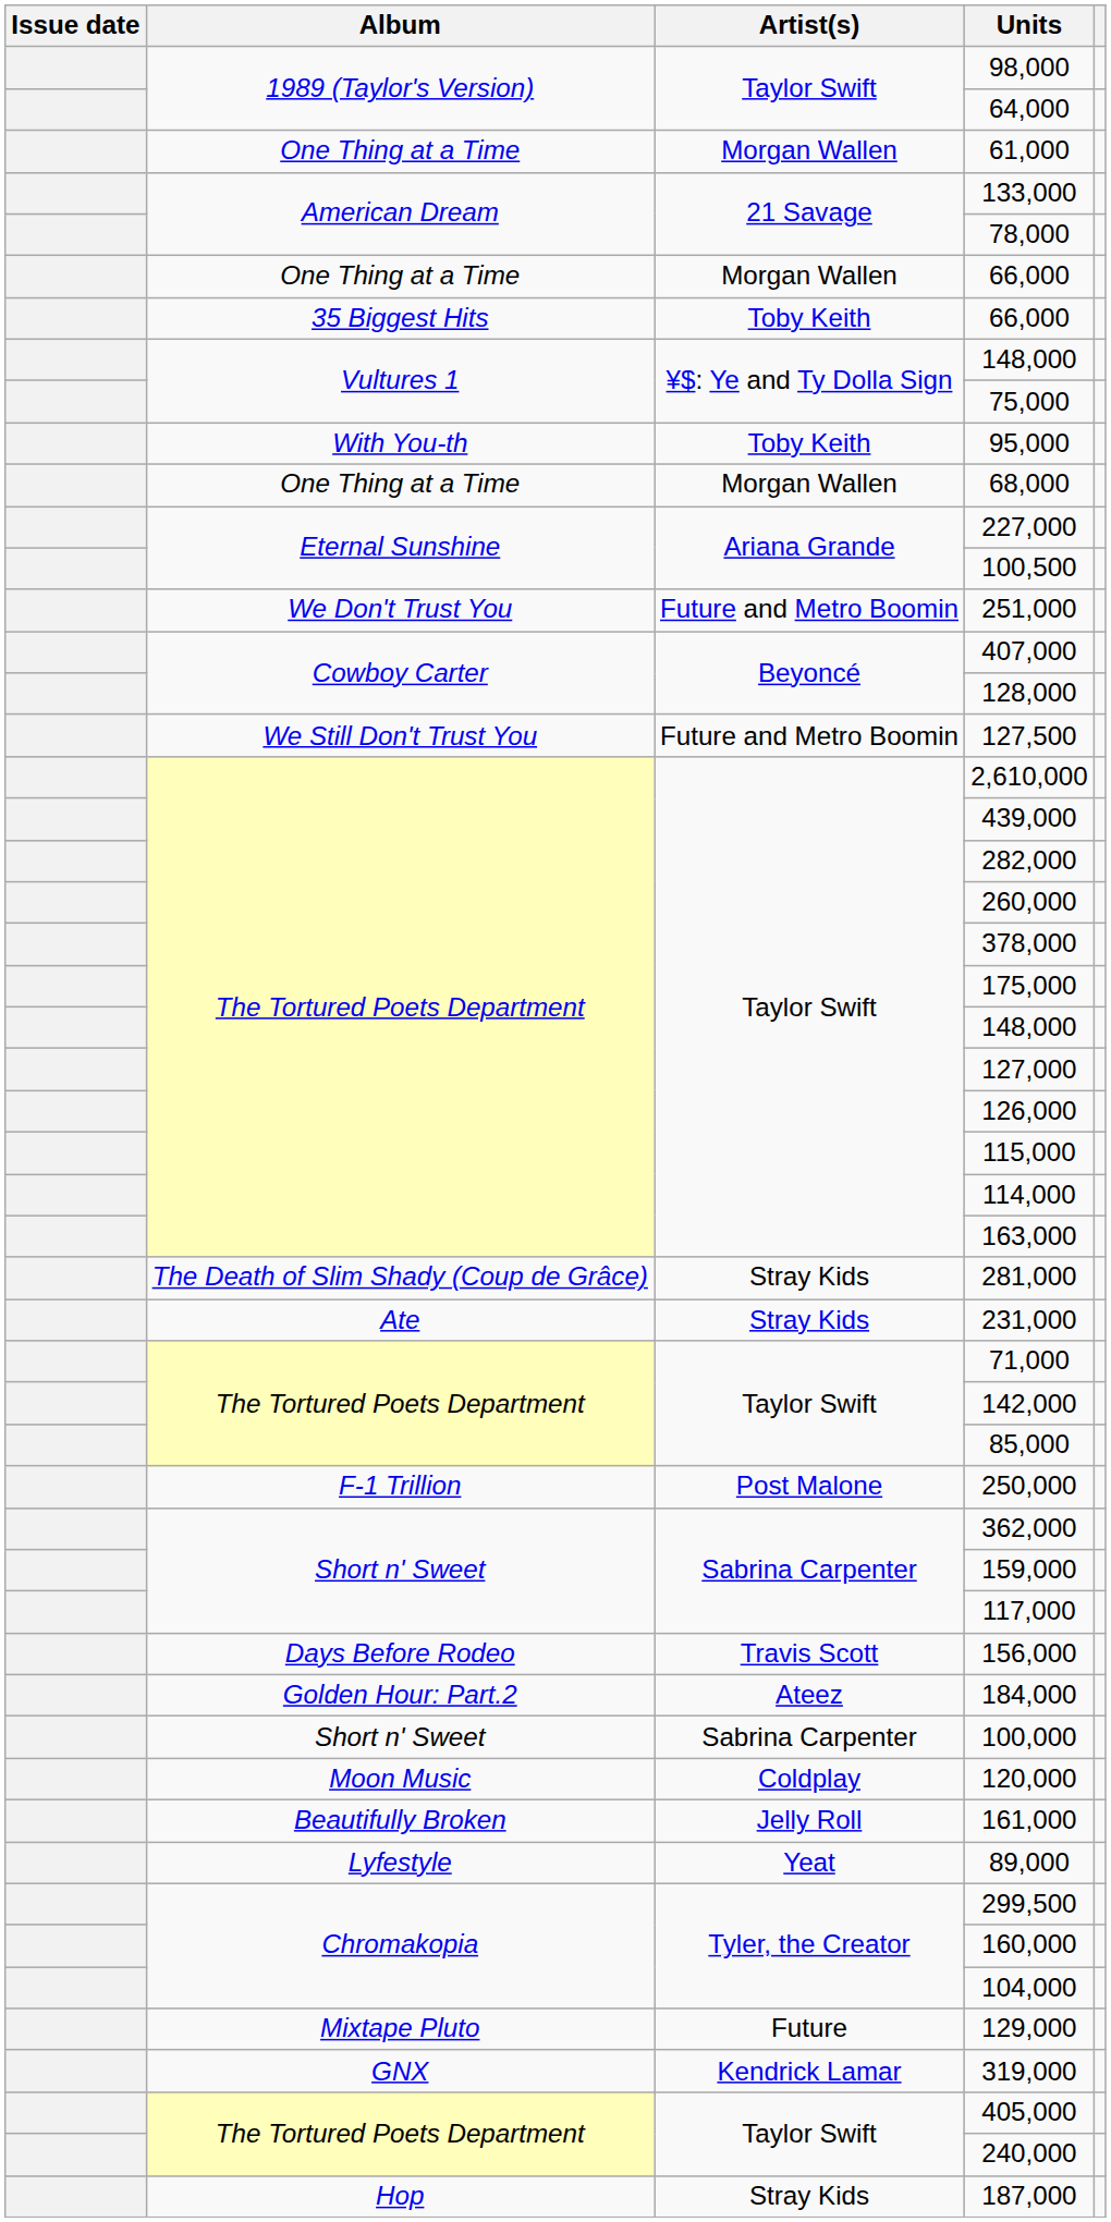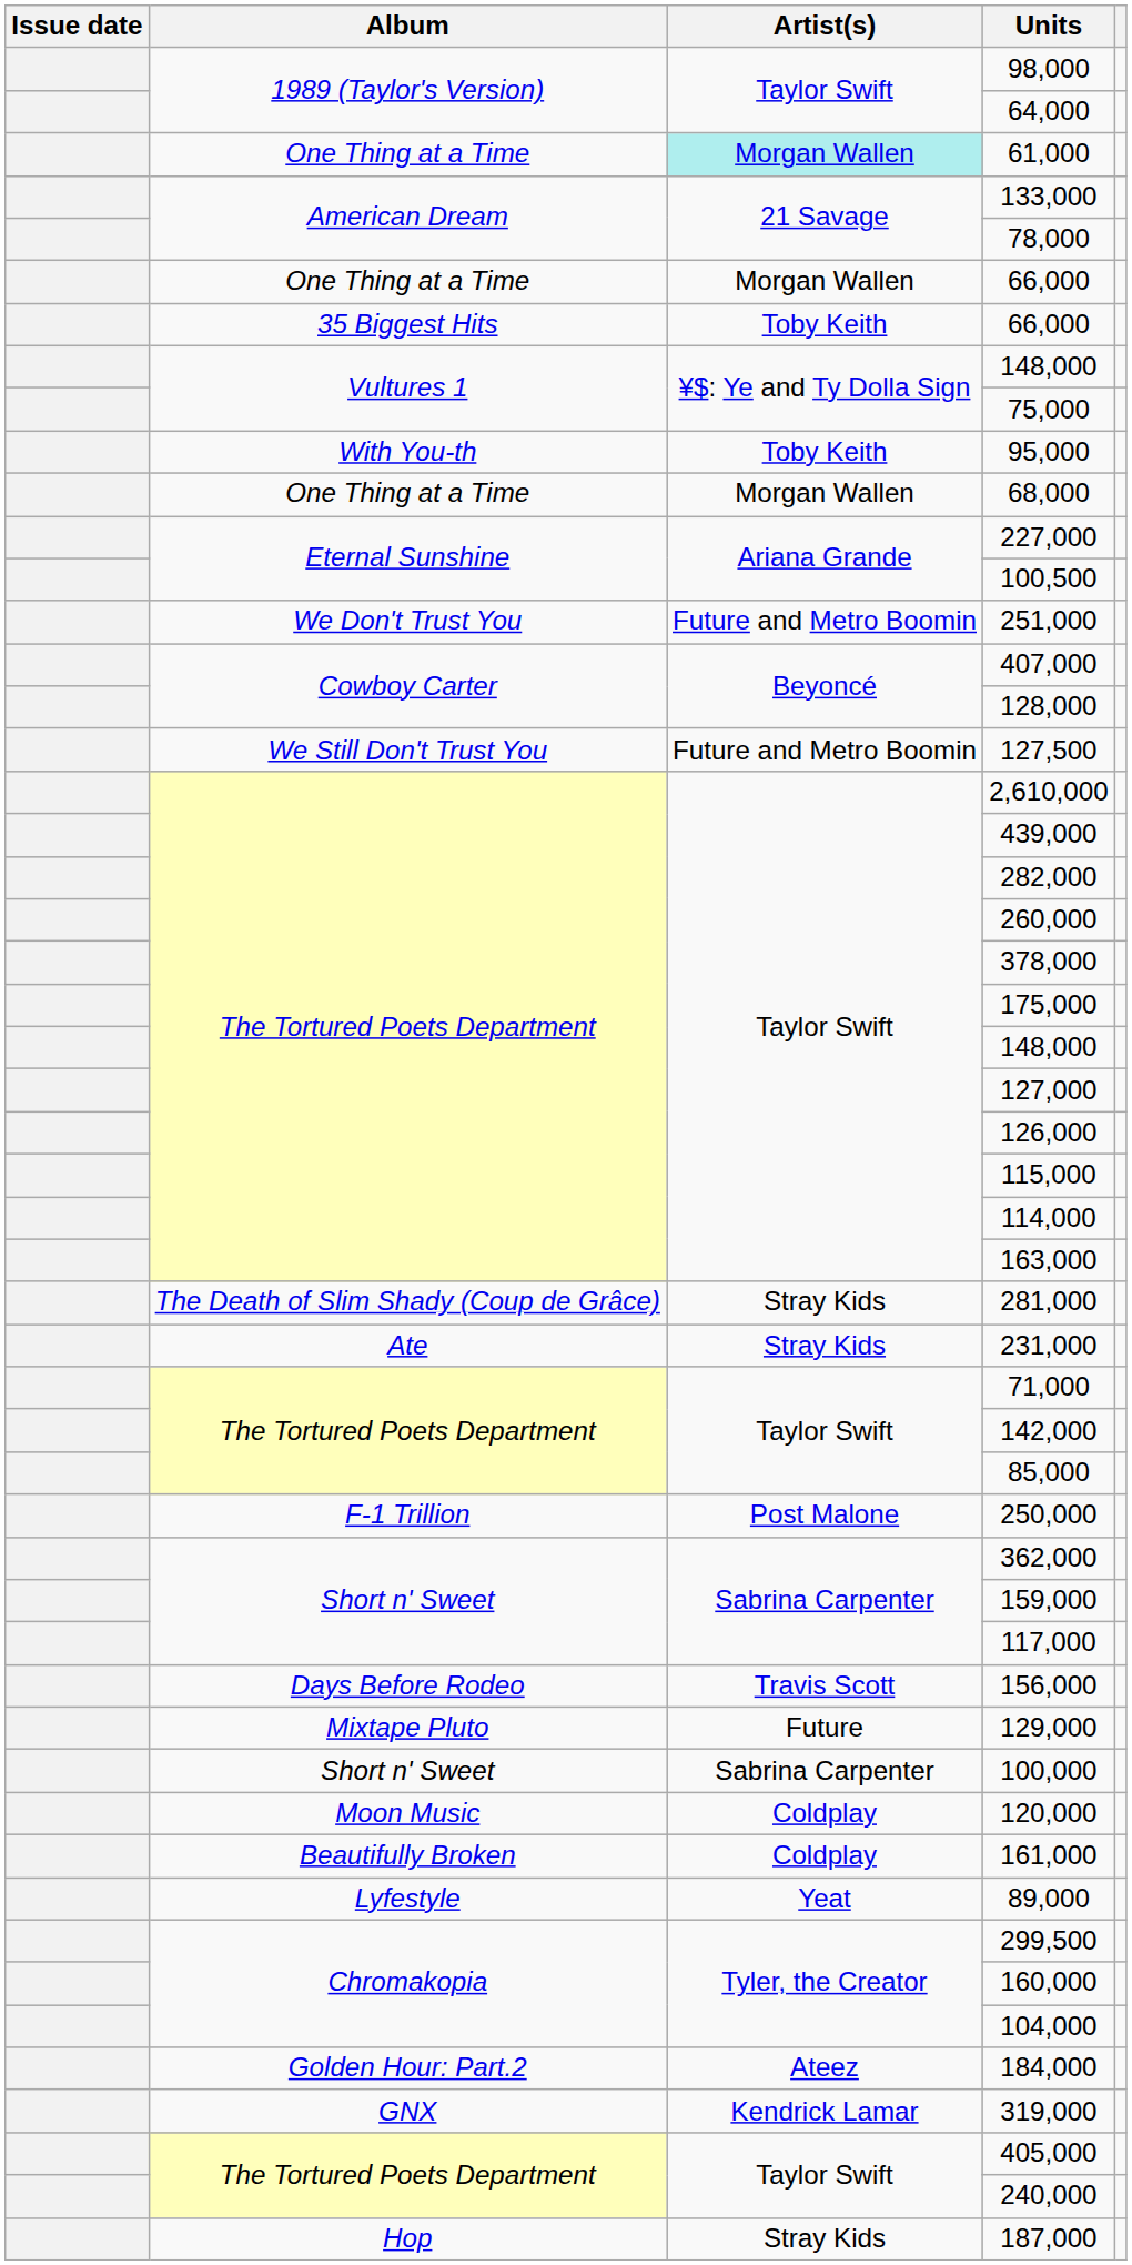 <table class="wikitable sortable plainrowheaders" style="text-align: center">
 <tr>
 <th scope="col">Issue date</th>
 <th scope="col">Album</th>
 <th scope="col">Artist(s)</th>
 <th scope="col">Units</th>
 <th scope="col" class="unsortable"></th>
 </tr>
 <tr>
 <th scope="row"></th>
 <td rowspan="2"><em><a href='#'>1989 (Taylor's Version)</a></em></td>
 <td rowspan="2"><a href='#'>Taylor Swift</a></td>
 <td>98,000</td>
 <td></td>
 </tr>
 <tr>
 <th scope="row"></th>
 <td>64,000</td>
 <td></td>
 </tr>
 <tr>
 <th scope="row"></th>
 <td><em><a href='#'>One Thing at a Time</a></em></td>
-<td><a href='#'>Morgan Wallen</a></td>
+<td style="background: paleturquoise;"><a href='#'>Morgan Wallen</a></td>
 <td>61,000</td>
 <td></td>
 </tr>
 <tr>
 <th scope="row"></th>
 <td rowspan="2"><em><a href='#'>American Dream</a></em></td>
 <td rowspan="2"><a href='#'>21 Savage</a></td>
 <td>133,000</td>
 <td></td>
 </tr>
 <tr>
 <th scope="row"></th>
 <td>78,000</td>
 <td></td>
 </tr>
 <tr>
 <th scope="row"></th>
 <td><em>One Thing at a Time</em></td>
 <td>Morgan Wallen</td>
 <td>66,000</td>
 <td></td>
 </tr>
 <tr>
 <th scope="row"></th>
 <td><em><a href='#'>35 Biggest Hits</a></em></td>
 <td><a href='#'>Toby Keith</a></td>
 <td>66,000</td>
 <td></td>
 </tr>
 <tr>
 <th scope="row"></th>
 <td rowspan="2"><em><a href='#'>Vultures 1</a></em></td>
 <td rowspan="2"><a href='#'>¥$</a>: <a href='#'>Ye</a> and <a href='#'>Ty Dolla Sign</a></td>
 <td>148,000</td>
 <td></td>
 </tr>
 <tr>
 <th scope="row"></th>
 <td>75,000</td>
 <td></td>
 </tr>
 <tr>
 <th scope="row"></th>
 <td><em><a href='#'>With You-th</a></em></td>
 <td><a href='#'>Toby Keith</a></td>
 <td>95,000</td>
 <td></td>
 </tr>
 <tr>
 <th scope="row"></th>
 <td><em>One Thing at a Time</em></td>
 <td>Morgan Wallen</td>
 <td>68,000</td>
 <td></td>
 </tr>
 <tr>
 <th scope="row"></th>
 <td rowspan="2"><em><a href='#'>Eternal Sunshine</a></em></td>
 <td rowspan="2"><a href='#'>Ariana Grande</a></td>
 <td>227,000</td>
 <td></td>
 </tr>
 <tr>
 <th scope="row"></th>
 <td>100,500</td>
 <td></td>
 </tr>
 <tr>
 <th scope="row"></th>
 <td><em><a href='#'>We Don't Trust You</a></em></td>
 <td><a href='#'>Future</a> and <a href='#'>Metro Boomin</a></td>
 <td>251,000</td>
 <td></td>
 </tr>
 <tr>
 <th scope="row"></th>
 <td rowspan="2"><em><a href='#'>Cowboy Carter</a></em></td>
 <td rowspan="2"><a href='#'>Beyoncé</a></td>
 <td>407,000</td>
 <td></td>
 </tr>
 <tr>
 <th scope="row"></th>
 <td>128,000</td>
 <td></td>
 </tr>
 <tr>
 <th scope="row"></th>
 <td><em><a href='#'>We Still Don't Trust You</a></em></td>
 <td>Future and Metro Boomin</td>
 <td>127,500</td>
 <td></td>
 </tr>
 <tr>
 <th scope="row"></th>
 <td rowspan="12" style="background-color:#FFFFBB"><em><a href='#'>The Tortured Poets Department</a></em> </td>
 <td rowspan="12">Taylor Swift</td>
 <td>2,610,000</td>
 <td></td>
 </tr>
 <tr>
 <th scope="row"></th>
 <td>439,000</td>
 <td></td>
 </tr>
 <tr>
 <th scope="row"></th>
 <td>282,000</td>
 <td></td>
 </tr>
 <tr>
 <th scope="row"></th>
 <td>260,000</td>
 <td></td>
 </tr>
 <tr>
 <th scope="row"></th>
 <td>378,000</td>
 <td></td>
 </tr>
 <tr>
 <th scope="row"></th>
 <td>175,000</td>
 <td></td>
 </tr>
 <tr>
 <th scope="row"></th>
 <td>148,000</td>
 <td></td>
 </tr>
 <tr>
 <th scope="row"></th>
 <td>127,000</td>
 <td></td>
 </tr>
 <tr>
 <th scope="row"></th>
 <td>126,000</td>
 <td></td>
 </tr>
 <tr>
 <th scope="row"></th>
 <td>115,000</td>
 <td></td>
 </tr>
 <tr>
 <th scope="row"></th>
 <td>114,000</td>
 <td></td>
 </tr>
 <tr>
 <th scope="row"></th>
 <td>163,000</td>
 <td></td>
 </tr>
 <tr>
 <th scope="row"></th>
 <td><em><a href='#'>The Death of Slim Shady (Coup de Grâce)</a></em></td>
 <td>Stray Kids</td>
 <td>281,000</td>
 <td></td>
 </tr>
 <tr>
 <th scope="row"></th>
 <td><em><a href='#'>Ate</a></em></td>
 <td><a href='#'>Stray Kids</a></td>
 <td>231,000</td>
 <td></td>
 </tr>
 <tr>
 <th scope="row"></th>
 <td rowspan="3" style="background-color:#FFFFBB"><em>The Tortured Poets Department</em> </td>
 <td rowspan="3">Taylor Swift</td>
 <td>71,000</td>
 <td></td>
 </tr>
 <tr>
 <th scope="row"></th>
 <td>142,000</td>
 <td></td>
 </tr>
 <tr>
 <th scope="row"></th>
 <td>85,000</td>
 <td></td>
 </tr>
 <tr>
 <th scope="row"></th>
 <td><em><a href='#'>F-1 Trillion</a></em></td>
 <td><a href='#'>Post Malone</a></td>
 <td>250,000</td>
 <td></td>
 </tr>
 <tr>
 <th scope="row"></th>
 <td rowspan="3"><em><a href='#'>Short n' Sweet</a></em></td>
 <td rowspan="3"><a href='#'>Sabrina Carpenter</a></td>
 <td>362,000</td>
 <td></td>
 </tr>
 <tr>
 <th scope="row"></th>
 <td>159,000</td>
 <td></td>
 </tr>
 <tr>
 <th scope="row"></th>
 <td>117,000</td>
 <td></td>
 </tr>
 <tr>
 <th scope="row"></th>
 <td><em><a href='#'>Days Before Rodeo</a></em></td>
 <td><a href='#'>Travis Scott</a></td>
 <td>156,000</td>
 <td></td>
 </tr>
 <tr>
 <th scope="row"></th>
-<td><em><a href='#'>Golden Hour: Part.2</a></em></td>
-<td><a href='#'>Ateez</a></td>
-<td>184,000</td>
+<td><em><a href='#'>Mixtape Pluto</a></em></td>
+<td>Future</td>
+<td>129,000</td>
 <td></td>
 </tr>
 <tr>
 <th scope="row"></th>
 <td><em>Short n' Sweet</em></td>
 <td>Sabrina Carpenter</td>
 <td>100,000</td>
 <td></td>
 </tr>
 <tr>
 <th scope="row"></th>
 <td><em><a href='#'>Moon Music</a></em></td>
 <td><a href='#'>Coldplay</a></td>
 <td>120,000</td>
 <td></td>
 </tr>
 <tr>
 <th scope="row"></th>
 <td><em><a href='#'>Beautifully Broken</a></em></td>
-<td><a href='#'>Jelly Roll</a></td>
+<td><a href='#'>Coldplay</a></td>
 <td>161,000</td>
 <td></td>
 </tr>
 <tr>
 <th scope="row"></th>
 <td><em><a href='#'>Lyfestyle</a></em></td>
 <td><a href='#'>Yeat</a></td>
 <td>89,000</td>
 <td></td>
 </tr>
 <tr>
 <th scope="row"></th>
 <td rowspan="3"><em><a href='#'>Chromakopia</a></em></td>
 <td rowspan="3"><a href='#'>Tyler, the Creator</a></td>
 <td>299,500</td>
 <td></td>
 </tr>
 <tr>
 <th scope="row"></th>
 <td>160,000</td>
 <td></td>
 </tr>
 <tr>
 <th scope="row"></th>
 <td>104,000</td>
 <td></td>
 </tr>
 <tr>
 <th scope="row"></th>
-<td><em><a href='#'>Mixtape Pluto</a></em></td>
-<td>Future</td>
-<td>129,000</td>
+<td><em><a href='#'>Golden Hour: Part.2</a></em></td>
+<td><a href='#'>Ateez</a></td>
+<td>184,000</td>
 <td></td>
 </tr>
 <tr>
 <th scope="row"></th>
 <td><em><a href='#'>GNX</a></em></td>
 <td><a href='#'>Kendrick Lamar</a></td>
 <td>319,000</td>
 <td></td>
 </tr>
 <tr>
 <th scope="row"></th>
 <td rowspan="2" style="background-color:#FFFFBB"><em>The Tortured Poets Department</em> </td>
 <td rowspan="2">Taylor Swift</td>
 <td>405,000</td>
 <td></td>
 </tr>
 <tr>
 <th scope="row"></th>
 <td>240,000</td>
 <td></td>
 </tr>
 <tr>
 <th scope="row"></th>
 <td><em><a href='#'>Hop</a></em></td>
 <td>Stray Kids</td>
 <td>187,000</td>
 <td></td>
 </tr>
 </table>
